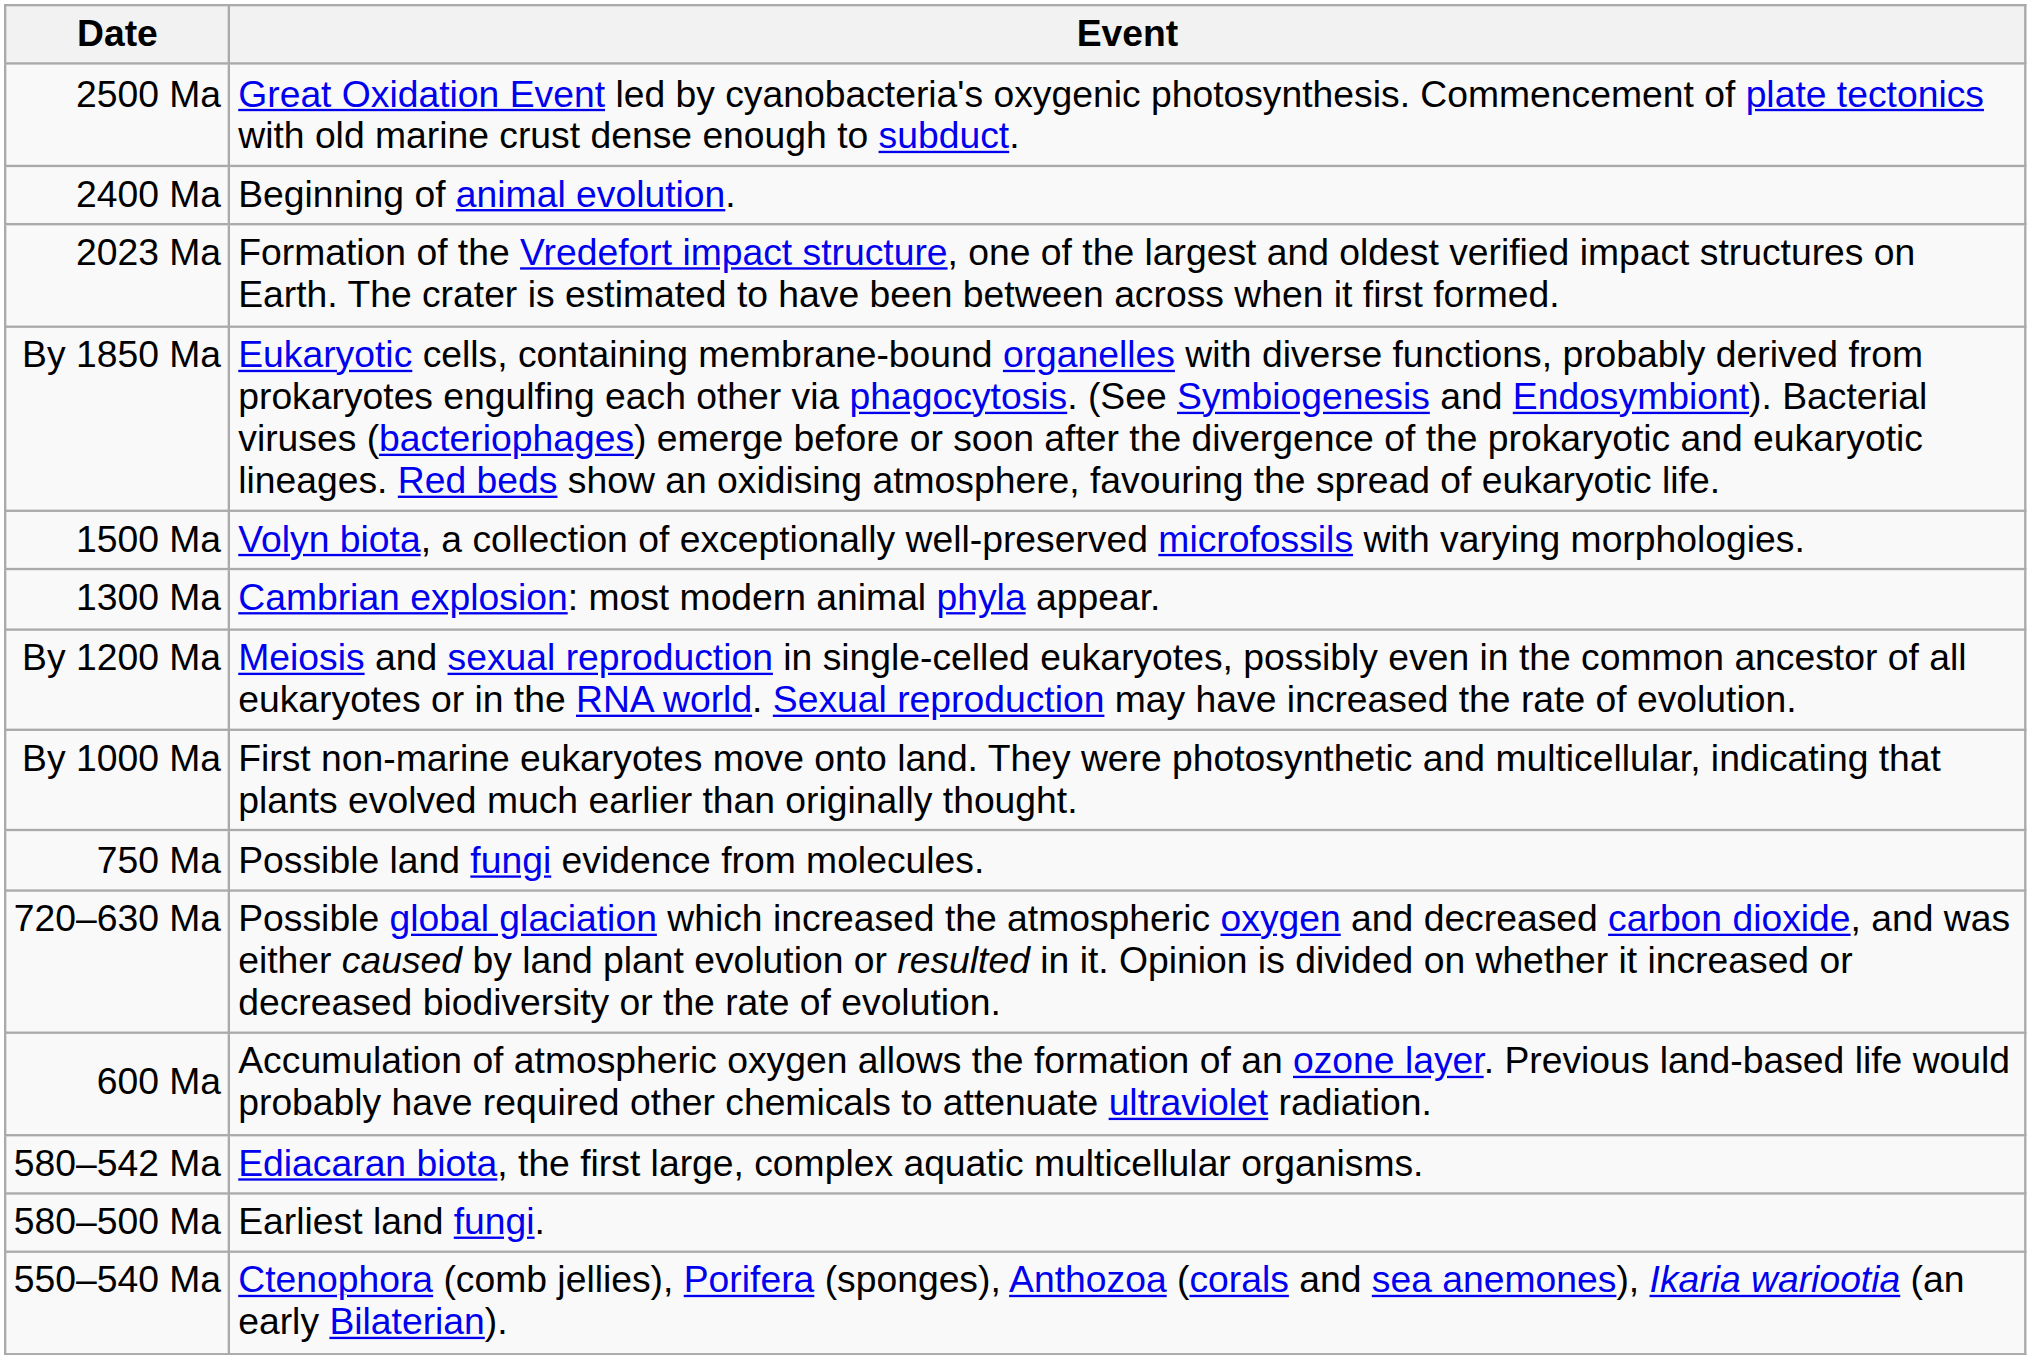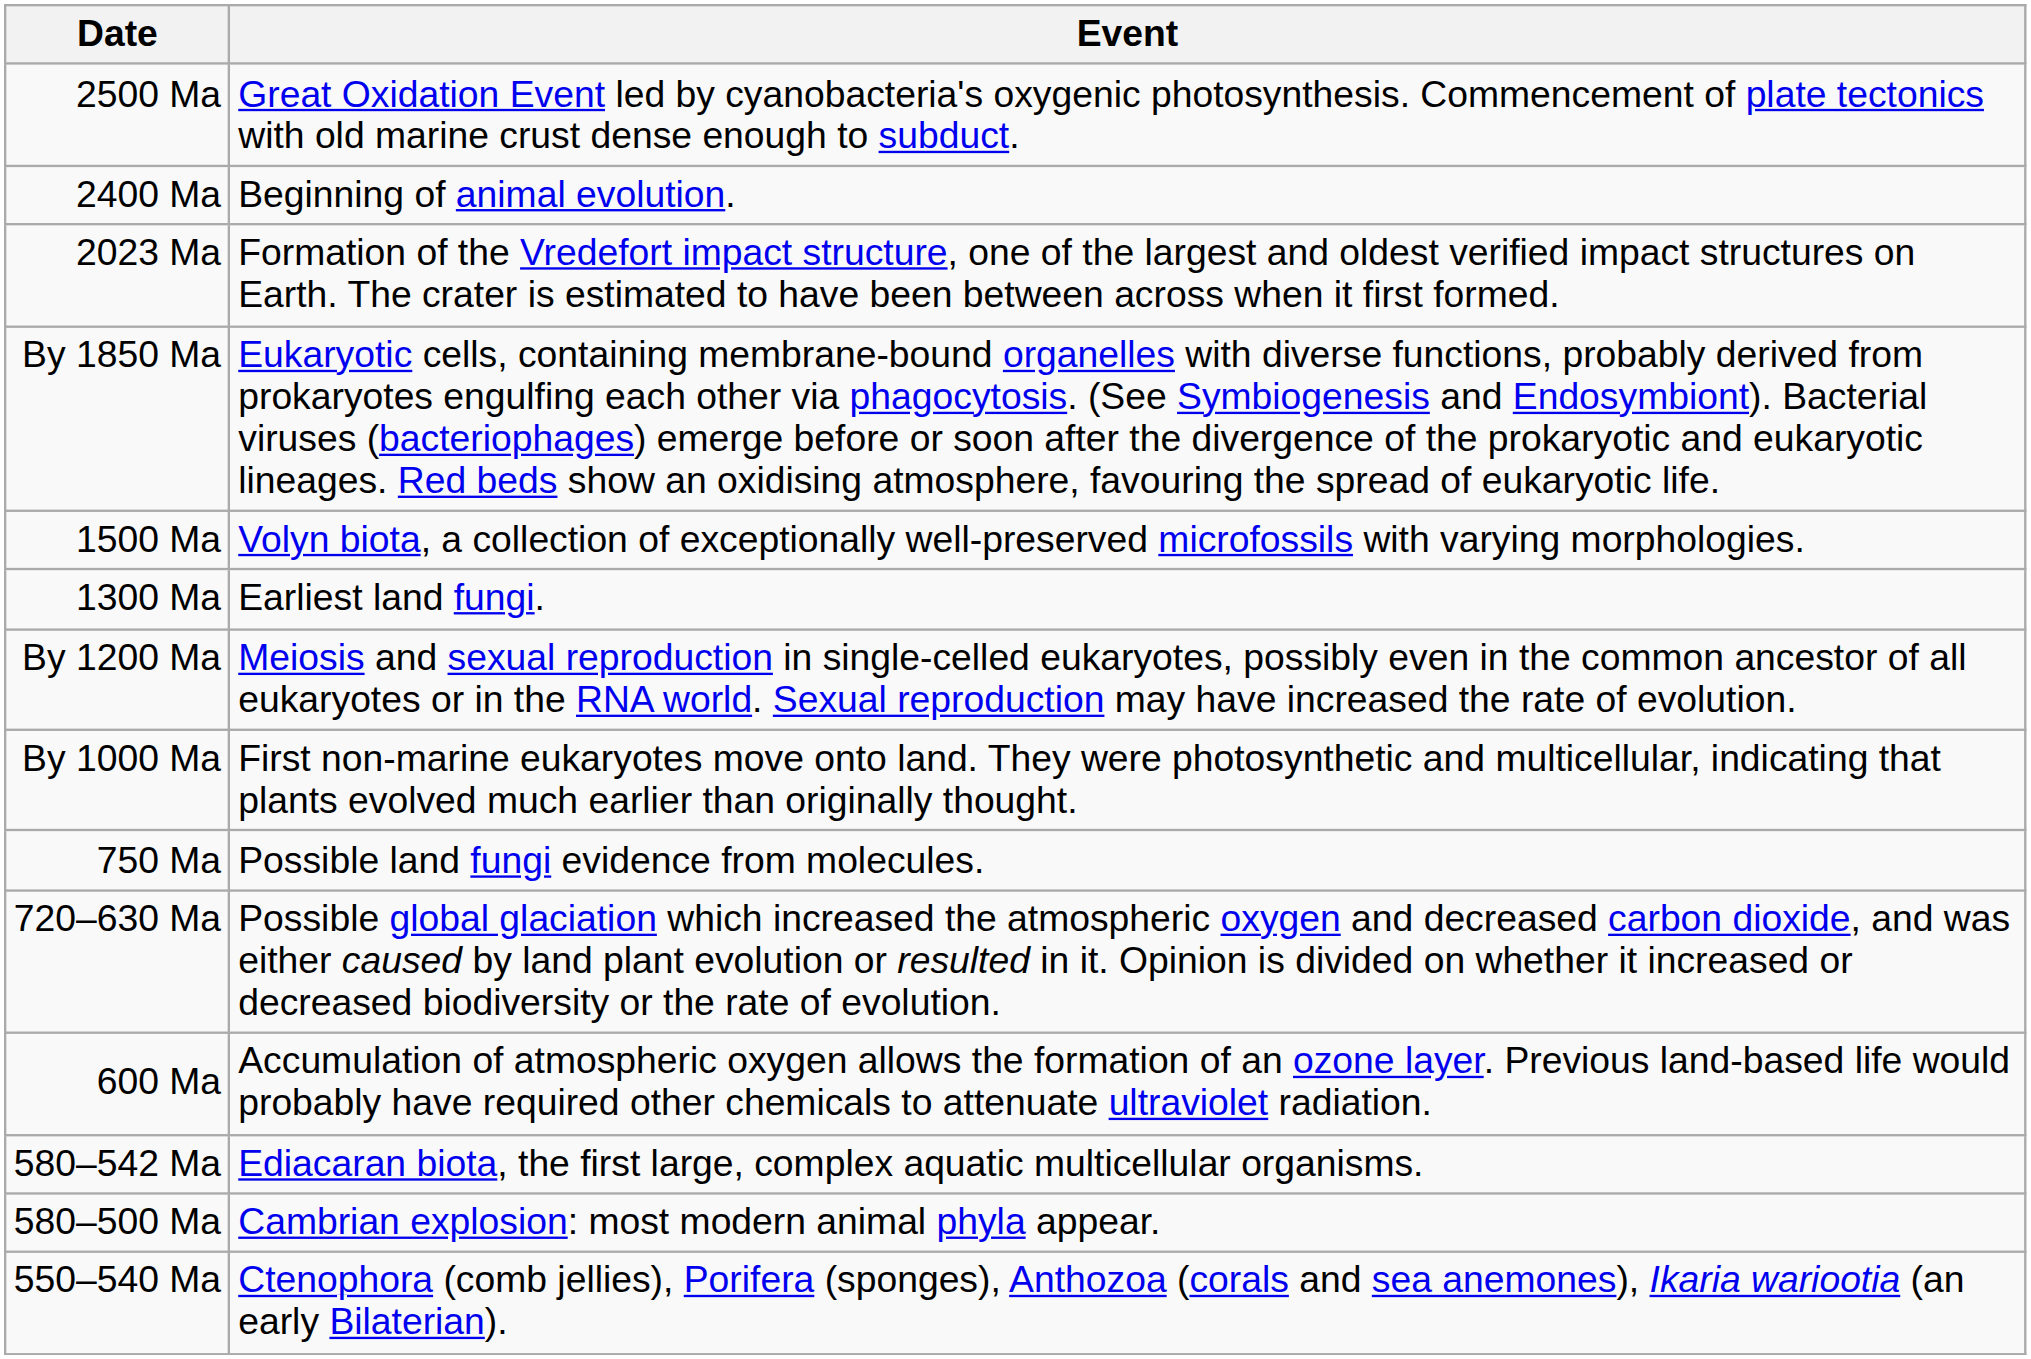 <table class="wikitable">
 <tr>
 <th>Date</th>
 <th>Event</th>
 </tr>
 <tr valign="TOP">
 <td align="RIGHT" nowrap>2500 Ma</td>
 <td><a href='#'>Great Oxidation Event</a> led by cyanobacteria's oxygenic photosynthesis. Commencement of <a href='#'>plate tectonics</a> with old marine crust dense enough to <a href='#'>subduct</a>.</td>
 </tr>
 <tr valign="TOP">
 <td align="RIGHT" nowrap>2400 Ma</td>
 <td>Beginning of <a href='#'>animal evolution</a>.</td>
 </tr>
 <tr valign="TOP">
 <td align="RIGHT" nowrap>2023 Ma</td>
 <td>Formation of the <a href='#'>Vredefort impact structure</a>, one of the largest and oldest verified impact structures on Earth. The crater is estimated to have been between  across when it first formed.</td>
 </tr>
 <tr valign="TOP">
 <td align="RIGHT" nowrap>By 1850 Ma</td>
 <td><a href='#'>Eukaryotic</a> cells, containing membrane-bound <a href='#'>organelles</a> with diverse functions, probably derived from prokaryotes engulfing each other via <a href='#'>phagocytosis</a>. (See <a href='#'>Symbiogenesis</a> and <a href='#'>Endosymbiont</a>). Bacterial viruses (<a href='#'>bacteriophages</a>) emerge before or soon after the divergence of the prokaryotic and eukaryotic lineages. <a href='#'>Red beds</a> show an oxidising atmosphere, favouring the spread of eukaryotic life.</td>
 </tr>
 <tr valign="TOP">
 <td align="RIGHT" nowrap>1500 Ma</td>
 <td><a href='#'>Volyn biota</a>, a collection of exceptionally well-preserved <a href='#'>microfossils</a> with varying morphologies.</td>
 </tr>
 <tr valign="TOP">
 <td align="RIGHT" nowrap>1300 Ma</td>
-<td><a href='#'>Cambrian explosion</a>: most modern animal <a href='#'>phyla</a> appear.</td>
+<td>Earliest land <a href='#'>fungi</a>.</td>
 </tr>
 <tr valign="TOP">
 <td align="RIGHT" nowrap>By 1200 Ma</td>
 <td><a href='#'>Meiosis</a> and <a href='#'>sexual reproduction</a> in single-celled eukaryotes, possibly even in the common ancestor of all eukaryotes or in the <a href='#'>RNA world</a>. <a href='#'>Sexual reproduction</a> may have increased the rate of evolution.</td>
 </tr>
 <tr valign="TOP">
 <td align='RIGHT' nowrap>By 1000 Ma</td>
 <td>First non-marine eukaryotes move onto land. They were photosynthetic and multicellular, indicating that plants evolved much earlier than originally thought.</td>
 </tr>
 <tr valign="TOP'">
 <td align="RIGHT" nowrap>750 Ma</td>
 <td>Possible land <a href='#'>fungi</a> evidence from molecules.</td>
 </tr>
 <tr valign="TOP">
 <td align="RIGHT" nowrap>720–630 Ma</td>
 <td>Possible <a href='#'>global glaciation</a> which increased the atmospheric <a href='#'>oxygen</a> and decreased <a href='#'>carbon dioxide</a>, and was either <em>caused</em> by land plant evolution or <em>resulted</em> in it. Opinion is divided on whether it increased or decreased biodiversity or the rate of evolution.</td>
 </tr>
 <tr>
 <td align="RIGHT" nowrap>600 Ma</td>
 <td>Accumulation of atmospheric oxygen allows the formation of an <a href='#'>ozone layer</a>. Previous land-based life would probably have required other chemicals to attenuate <a href='#'>ultraviolet</a> radiation.</td>
 </tr>
 <tr valign="TOP">
 <td align="Right" nowrap>580–542 Ma</td>
 <td><a href='#'>Ediacaran biota</a>, the first large, complex aquatic multicellular organisms.</td>
 </tr>
 <tr valign="TOP">
 <td align="RIGHT" nowrap>580–500 Ma</td>
-<td>Earliest land <a href='#'>fungi</a>.</td>
+<td><a href='#'>Cambrian explosion</a>: most modern animal <a href='#'>phyla</a> appear.</td>
 </tr>
 <tr valign="TOP">
 <td align="RIGHT" nowrap>550–540 Ma</td>
 <td><a href='#'>Ctenophora</a> (comb jellies), <a href='#'>Porifera</a> (sponges), <a href='#'>Anthozoa</a> (<a href='#'>corals</a> and <a href='#'>sea anemones</a>), <em><a href='#'>Ikaria wariootia</a></em> (an early <a href='#'>Bilaterian</a>).</td>
 </tr>
 </table>
